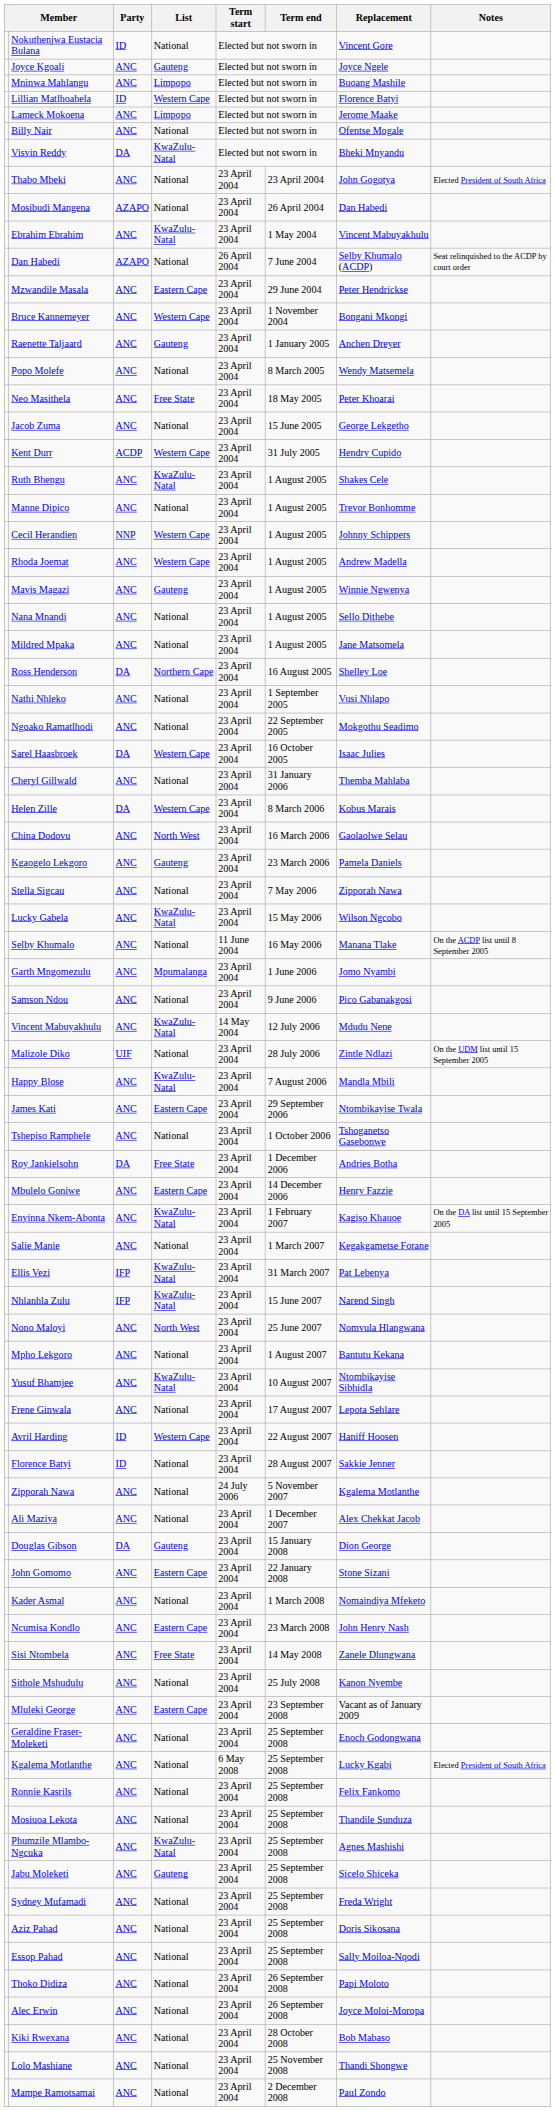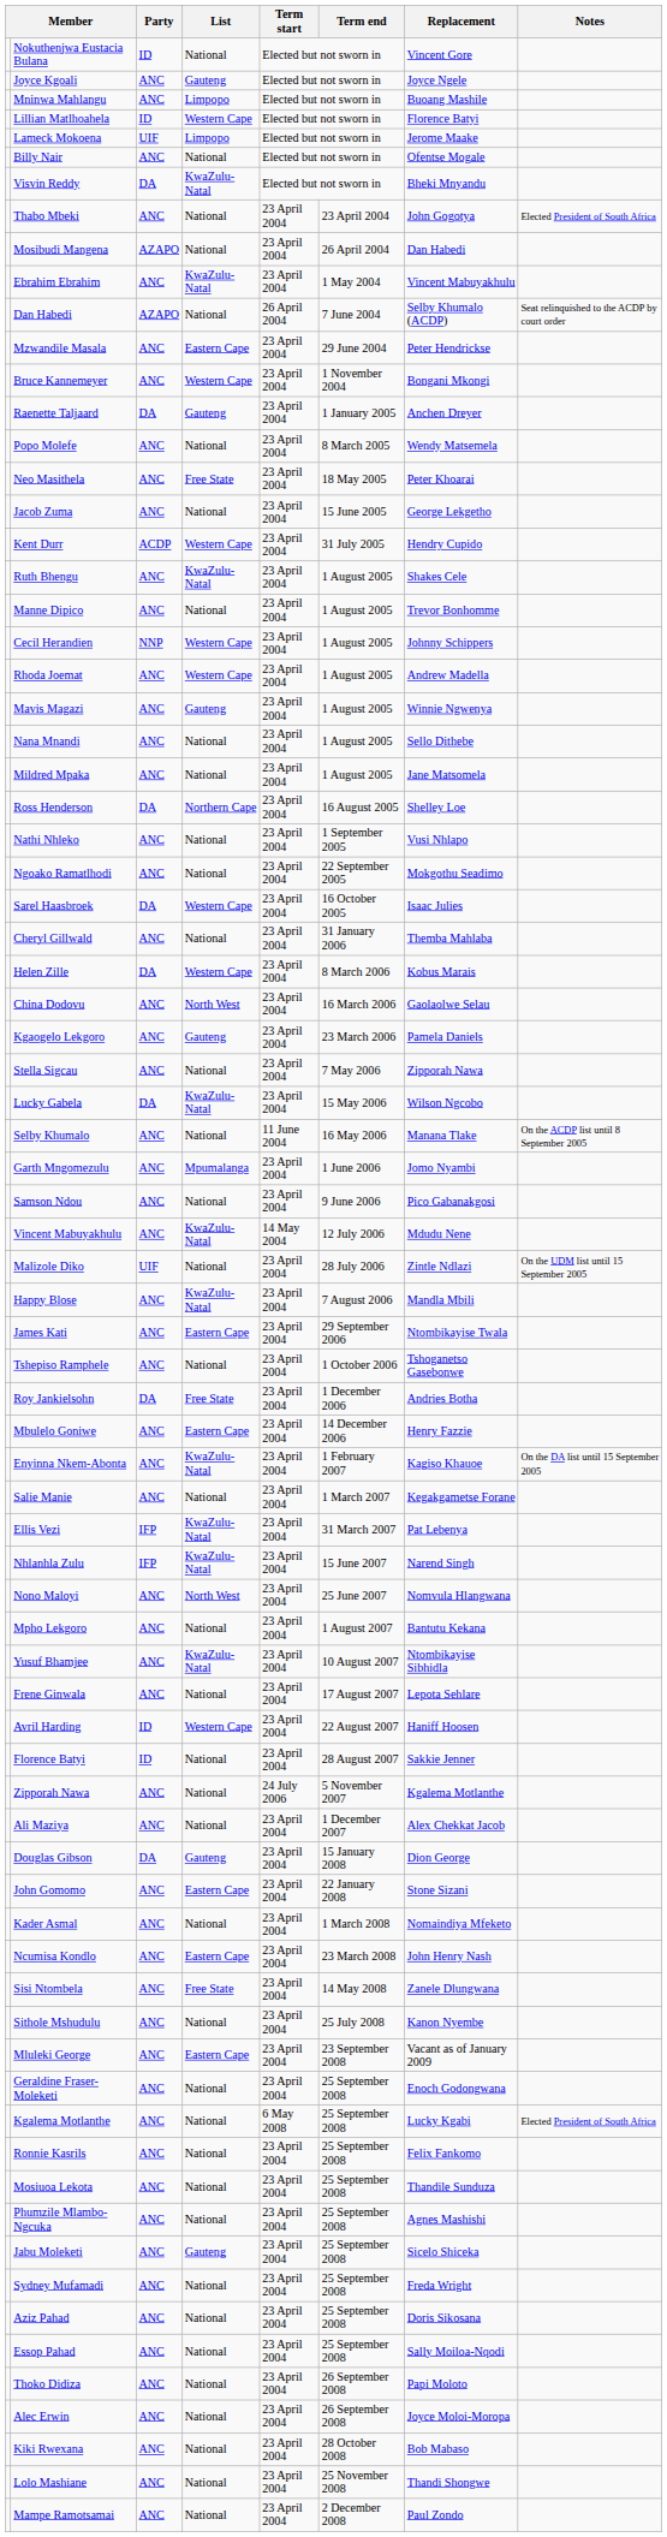 <table class="wikitable sortable">
 <tr>
 <th colspan="2">Member</th>
 <th>Party</th>
 <th>List</th>
 <th>Term start</th>
 <th>Term end</th>
 <th>Replacement</th>
 <th>Notes</th>
 </tr>
 <tr>
 <td style="background-color: "></td>
 <td><a href='#'>Nokuthenjwa Eustacia Bulana</a></td>
 <td><a href='#'>ID</a></td>
 <td>National</td>
 <td colspan="2">Elected but not sworn in</td>
 <td><a href='#'>Vincent Gore</a></td>
 <td></td>
 </tr>
 <tr>
 <td style="background-color: "></td>
 <td><a href='#'>Joyce Kgoali</a></td>
 <td><a href='#'>ANC</a></td>
 <td><a href='#'>Gauteng</a></td>
 <td colspan="2">Elected but not sworn in</td>
 <td><a href='#'>Joyce Ngele</a></td>
 <td></td>
 </tr>
 <tr>
 <td style="background-color: "></td>
 <td><a href='#'>Mninwa Mahlangu</a></td>
 <td><a href='#'>ANC</a></td>
 <td><a href='#'>Limpopo</a></td>
 <td colspan="2">Elected but not sworn in</td>
 <td><a href='#'>Buoang Mashile</a></td>
 <td></td>
 </tr>
 <tr>
 <td style="background-color: "></td>
 <td><a href='#'>Lillian Matlhoahela</a></td>
 <td><a href='#'>ID</a></td>
 <td><a href='#'>Western Cape</a></td>
 <td colspan="2">Elected but not sworn in</td>
 <td><a href='#'>Florence Batyi</a></td>
 <td></td>
 </tr>
 <tr>
 <td style="background-color: "></td>
 <td><a href='#'>Lameck Mokoena</a></td>
-<td><a href='#'>ANC</a></td>
+<td><a href='#'>UIF</a></td>
 <td><a href='#'>Limpopo</a></td>
 <td colspan="2">Elected but not sworn in</td>
 <td><a href='#'>Jerome Maake</a></td>
 <td></td>
 </tr>
 <tr>
 <td style="background-color: "></td>
 <td><a href='#'>Billy Nair</a></td>
 <td><a href='#'>ANC</a></td>
 <td>National</td>
 <td colspan="2">Elected but not sworn in</td>
 <td><a href='#'>Ofentse Mogale</a></td>
 <td></td>
 </tr>
 <tr>
 <td style="background-color: "></td>
 <td><a href='#'>Visvin Reddy</a></td>
 <td><a href='#'>DA</a></td>
 <td><a href='#'>KwaZulu-Natal</a></td>
 <td colspan="2">Elected but not sworn in</td>
 <td><a href='#'>Bheki Mnyandu</a></td>
 <td></td>
 </tr>
 <tr>
 <td style="background-color: "></td>
 <td><a href='#'>Thabo Mbeki</a></td>
 <td><a href='#'>ANC</a></td>
 <td>National</td>
 <td>23 April 2004</td>
 <td>23 April 2004</td>
 <td><a href='#'>John Gogotya</a></td>
 <td><small>Elected <a href='#'>President of South Africa</a></small></td>
 </tr>
 <tr>
 <td style="background-color: "></td>
 <td><a href='#'>Mosibudi Mangena</a></td>
 <td><a href='#'>AZAPO</a></td>
 <td>National</td>
 <td>23 April 2004</td>
 <td>26 April 2004</td>
 <td><a href='#'>Dan Habedi</a></td>
 <td></td>
 </tr>
 <tr>
 <td style="background-color: "></td>
 <td><a href='#'>Ebrahim Ebrahim</a></td>
 <td><a href='#'>ANC</a></td>
 <td><a href='#'>KwaZulu-Natal</a></td>
 <td>23 April 2004</td>
 <td>1 May 2004</td>
 <td><a href='#'>Vincent Mabuyakhulu</a></td>
 <td></td>
 </tr>
 <tr>
 <td style="background-color: "></td>
 <td><a href='#'>Dan Habedi</a></td>
 <td><a href='#'>AZAPO</a></td>
 <td>National</td>
 <td>26 April 2004</td>
 <td>7 June 2004</td>
 <td><a href='#'>Selby Khumalo</a> (<a href='#'>ACDP</a>)</td>
 <td><small>Seat relinquished to the ACDP by court order</small></td>
 </tr>
 <tr>
 <td style="background-color: "></td>
 <td><a href='#'>Mzwandile Masala</a></td>
 <td><a href='#'>ANC</a></td>
 <td><a href='#'>Eastern Cape</a></td>
 <td>23 April 2004</td>
 <td>29 June 2004</td>
 <td><a href='#'>Peter Hendrickse</a></td>
 <td></td>
 </tr>
 <tr>
 <td style="background-color: "></td>
 <td><a href='#'>Bruce Kannemeyer</a></td>
 <td><a href='#'>ANC</a></td>
 <td><a href='#'>Western Cape</a></td>
 <td>23 April 2004</td>
 <td>1 November 2004</td>
 <td><a href='#'>Bongani Mkongi</a></td>
 <td></td>
 </tr>
 <tr>
 <td style="background-color: "></td>
 <td><a href='#'>Raenette Taljaard</a></td>
-<td><a href='#'>ANC</a></td>
+<td><a href='#'>DA</a></td>
 <td><a href='#'>Gauteng</a></td>
 <td>23 April 2004</td>
 <td>1 January 2005</td>
 <td><a href='#'>Anchen Dreyer</a></td>
 <td></td>
 </tr>
 <tr>
 <td style="background-color: "></td>
 <td><a href='#'>Popo Molefe</a></td>
 <td><a href='#'>ANC</a></td>
 <td>National</td>
 <td>23 April 2004</td>
 <td>8 March 2005</td>
 <td><a href='#'>Wendy Matsemela</a></td>
 <td></td>
 </tr>
 <tr>
 <td style="background-color: "></td>
 <td><a href='#'>Neo Masithela</a></td>
 <td><a href='#'>ANC</a></td>
 <td><a href='#'>Free State</a></td>
 <td>23 April 2004</td>
 <td>18 May 2005</td>
 <td><a href='#'>Peter Khoarai</a></td>
 <td></td>
 </tr>
 <tr>
 <td style="background-color: "></td>
 <td><a href='#'>Jacob Zuma</a></td>
 <td><a href='#'>ANC</a></td>
 <td>National</td>
 <td>23 April 2004</td>
 <td>15 June 2005</td>
 <td><a href='#'>George Lekgetho</a></td>
 <td></td>
 </tr>
 <tr>
 <td style="background-color: "></td>
 <td><a href='#'>Kent Durr</a></td>
 <td><a href='#'>ACDP</a></td>
 <td><a href='#'>Western Cape</a></td>
 <td>23 April 2004</td>
 <td>31 July 2005</td>
 <td><a href='#'>Hendry Cupido</a></td>
 <td></td>
 </tr>
 <tr>
 <td style="background-color: "></td>
 <td><a href='#'>Ruth Bhengu</a></td>
 <td><a href='#'>ANC</a></td>
 <td><a href='#'>KwaZulu-Natal</a></td>
 <td>23 April 2004</td>
 <td>1 August 2005</td>
 <td><a href='#'>Shakes Cele</a></td>
 <td></td>
 </tr>
 <tr>
 <td style="background-color: "></td>
 <td><a href='#'>Manne Dipico</a></td>
 <td><a href='#'>ANC</a></td>
 <td>National</td>
 <td>23 April 2004</td>
 <td>1 August 2005</td>
 <td><a href='#'>Trevor Bonhomme</a></td>
 <td></td>
 </tr>
 <tr>
 <td style="background-color: "></td>
 <td><a href='#'>Cecil Herandien</a></td>
 <td><a href='#'>NNP</a></td>
 <td><a href='#'>Western Cape</a></td>
 <td>23 April 2004</td>
 <td>1 August 2005</td>
 <td><a href='#'>Johnny Schippers</a></td>
 <td></td>
 </tr>
 <tr>
 <td style="background-color: "></td>
 <td><a href='#'>Rhoda Joemat</a></td>
 <td><a href='#'>ANC</a></td>
 <td><a href='#'>Western Cape</a></td>
 <td>23 April 2004</td>
 <td>1 August 2005</td>
 <td><a href='#'>Andrew Madella</a></td>
 <td></td>
 </tr>
 <tr>
 <td style="background-color: "></td>
 <td><a href='#'>Mavis Magazi</a></td>
 <td><a href='#'>ANC</a></td>
 <td><a href='#'>Gauteng</a></td>
 <td>23 April 2004</td>
 <td>1 August 2005</td>
 <td><a href='#'>Winnie Ngwenya</a></td>
 <td></td>
 </tr>
 <tr>
 <td style="background-color: "></td>
 <td><a href='#'>Nana Mnandi</a></td>
 <td><a href='#'>ANC</a></td>
 <td>National</td>
 <td>23 April 2004</td>
 <td>1 August 2005</td>
 <td><a href='#'>Sello Dithebe</a></td>
 <td></td>
 </tr>
 <tr>
 <td style="background-color: "></td>
 <td><a href='#'>Mildred Mpaka</a></td>
 <td><a href='#'>ANC</a></td>
 <td>National</td>
 <td>23 April 2004</td>
 <td>1 August 2005</td>
 <td><a href='#'>Jane Matsomela</a></td>
 <td></td>
 </tr>
 <tr>
 <td style="background-color: "></td>
 <td><a href='#'>Ross Henderson</a></td>
 <td><a href='#'>DA</a></td>
 <td><a href='#'>Northern Cape</a></td>
 <td>23 April 2004</td>
 <td>16 August 2005</td>
 <td><a href='#'>Shelley Loe</a></td>
 <td></td>
 </tr>
 <tr>
 <td style="background-color: "></td>
 <td><a href='#'>Nathi Nhleko</a></td>
 <td><a href='#'>ANC</a></td>
 <td>National</td>
 <td>23 April 2004</td>
 <td>1 September 2005</td>
 <td><a href='#'>Vusi Nhlapo</a></td>
 <td></td>
 </tr>
 <tr>
 <td style="background-color: "></td>
 <td><a href='#'>Ngoako Ramatlhodi</a></td>
 <td><a href='#'>ANC</a></td>
 <td>National</td>
 <td>23 April 2004</td>
 <td>22 September 2005</td>
 <td><a href='#'>Mokgothu Seadimo</a></td>
 <td></td>
 </tr>
 <tr>
 <td style="background-color: "></td>
 <td><a href='#'>Sarel Haasbroek</a></td>
 <td><a href='#'>DA</a></td>
 <td><a href='#'>Western Cape</a></td>
 <td>23 April 2004</td>
 <td>16 October 2005</td>
 <td><a href='#'>Isaac Julies</a></td>
 <td></td>
 </tr>
 <tr>
 <td style="background-color: "></td>
 <td><a href='#'>Cheryl Gillwald</a></td>
 <td><a href='#'>ANC</a></td>
 <td>National</td>
 <td>23 April 2004</td>
 <td>31 January 2006</td>
 <td><a href='#'>Themba Mahlaba</a></td>
 <td></td>
 </tr>
 <tr>
 <td style="background-color: "></td>
 <td><a href='#'>Helen Zille</a></td>
 <td><a href='#'>DA</a></td>
 <td><a href='#'>Western Cape</a></td>
 <td>23 April 2004</td>
 <td>8 March 2006</td>
 <td><a href='#'>Kobus Marais</a></td>
 <td></td>
 </tr>
 <tr>
 <td style="background-color: "></td>
 <td><a href='#'>China Dodovu</a></td>
 <td><a href='#'>ANC</a></td>
 <td><a href='#'>North West</a></td>
 <td>23 April 2004</td>
 <td>16 March 2006</td>
 <td><a href='#'>Gaolaolwe Selau</a></td>
 <td></td>
 </tr>
 <tr>
 <td style="background-color: "></td>
 <td><a href='#'>Kgaogelo Lekgoro</a></td>
 <td><a href='#'>ANC</a></td>
 <td><a href='#'>Gauteng</a></td>
 <td>23 April 2004</td>
 <td>23 March 2006</td>
 <td><a href='#'>Pamela Daniels</a></td>
 <td></td>
 </tr>
 <tr>
 <td style="background-color: "></td>
 <td><a href='#'>Stella Sigcau</a></td>
 <td><a href='#'>ANC</a></td>
 <td>National</td>
 <td>23 April 2004</td>
 <td>7 May 2006</td>
 <td><a href='#'>Zipporah Nawa</a></td>
 <td></td>
 </tr>
 <tr>
 <td style="background-color: "></td>
 <td><a href='#'>Lucky Gabela</a></td>
-<td><a href='#'>ANC</a></td>
+<td><a href='#'>DA</a></td>
 <td><a href='#'>KwaZulu-Natal</a></td>
 <td>23 April 2004</td>
 <td>15 May 2006</td>
 <td><a href='#'>Wilson Ngcobo</a></td>
 <td></td>
 </tr>
 <tr>
 <td style="background-color: "></td>
 <td><a href='#'>Selby Khumalo</a></td>
 <td><a href='#'>ANC</a></td>
 <td>National</td>
 <td>11 June 2004</td>
 <td>16 May 2006</td>
 <td><a href='#'>Manana Tlake</a></td>
 <td><small>On the <a href='#'>ACDP</a> list until 8 September 2005</small></td>
 </tr>
 <tr>
 <td style="background-color: "></td>
 <td><a href='#'>Garth Mngomezulu</a></td>
 <td><a href='#'>ANC</a></td>
 <td><a href='#'>Mpumalanga</a></td>
 <td>23 April 2004</td>
 <td>1 June 2006</td>
 <td><a href='#'>Jomo Nyambi</a></td>
 <td></td>
 </tr>
 <tr>
 <td style="background-color: "></td>
 <td><a href='#'>Samson Ndou</a></td>
 <td><a href='#'>ANC</a></td>
 <td>National</td>
 <td>23 April 2004</td>
 <td>9 June 2006</td>
 <td><a href='#'>Pico Gabanakgosi</a></td>
 <td></td>
 </tr>
 <tr>
 <td style="background-color: "></td>
 <td><a href='#'>Vincent Mabuyakhulu</a></td>
 <td><a href='#'>ANC</a></td>
 <td><a href='#'>KwaZulu-Natal</a></td>
 <td>14 May 2004</td>
 <td>12 July 2006</td>
 <td><a href='#'>Mdudu Nene</a></td>
 <td></td>
 </tr>
 <tr>
 <td style="background-color: "></td>
 <td><a href='#'>Malizole Diko</a></td>
 <td><a href='#'>UIF</a></td>
 <td>National</td>
 <td>23 April 2004</td>
 <td>28 July 2006</td>
 <td><a href='#'>Zintle Ndlazi</a></td>
 <td><small>On the <a href='#'>UDM</a> list until 15 September 2005</small></td>
 </tr>
 <tr>
 <td style="background-color: "></td>
 <td><a href='#'>Happy Blose</a></td>
 <td><a href='#'>ANC</a></td>
 <td><a href='#'>KwaZulu-Natal</a></td>
 <td>23 April 2004</td>
 <td>7 August 2006</td>
 <td><a href='#'>Mandla Mbili</a></td>
 <td></td>
 </tr>
 <tr>
 <td style="background-color: "></td>
 <td><a href='#'>James Kati</a></td>
 <td><a href='#'>ANC</a></td>
 <td><a href='#'>Eastern Cape</a></td>
 <td>23 April 2004</td>
 <td>29 September 2006</td>
 <td><a href='#'>Ntombikayise Twala</a></td>
 <td></td>
 </tr>
 <tr>
 <td style="background-color: "></td>
 <td><a href='#'>Tshepiso Ramphele</a></td>
 <td><a href='#'>ANC</a></td>
 <td>National</td>
 <td>23 April 2004</td>
 <td>1 October 2006</td>
 <td><a href='#'>Tshoganetso Gasebonwe</a></td>
 <td></td>
 </tr>
 <tr>
 <td style="background-color: "></td>
 <td><a href='#'>Roy Jankielsohn</a></td>
 <td><a href='#'>DA</a></td>
 <td><a href='#'>Free State</a></td>
 <td>23 April 2004</td>
 <td>1 December 2006</td>
 <td><a href='#'>Andries Botha</a></td>
 <td></td>
 </tr>
 <tr>
 <td style="background-color: "></td>
 <td><a href='#'>Mbulelo Goniwe</a></td>
 <td><a href='#'>ANC</a></td>
 <td><a href='#'>Eastern Cape</a></td>
 <td>23 April 2004</td>
 <td>14 December 2006</td>
 <td><a href='#'>Henry Fazzie</a></td>
 <td></td>
 </tr>
 <tr>
 <td style="background-color: "></td>
 <td><a href='#'>Enyinna Nkem-Abonta</a></td>
 <td><a href='#'>ANC</a></td>
 <td><a href='#'>KwaZulu-Natal</a></td>
 <td>23 April 2004</td>
 <td>1 February 2007</td>
 <td><a href='#'>Kagiso Khauoe</a></td>
 <td><small>On the <a href='#'>DA</a> list until 15 September 2005</small></td>
 </tr>
 <tr>
 <td style="background-color: "></td>
 <td><a href='#'>Salie Manie</a></td>
 <td><a href='#'>ANC</a></td>
 <td>National</td>
 <td>23 April 2004</td>
 <td>1 March 2007</td>
 <td><a href='#'>Kegakgametse Forane</a></td>
 <td></td>
 </tr>
 <tr>
 <td style="background-color: "></td>
 <td><a href='#'>Ellis Vezi</a></td>
 <td><a href='#'>IFP</a></td>
 <td><a href='#'>KwaZulu-Natal</a></td>
 <td>23 April 2004</td>
 <td>31 March 2007</td>
 <td><a href='#'>Pat Lebenya</a></td>
 <td></td>
 </tr>
 <tr>
 <td style="background-color: "></td>
 <td><a href='#'>Nhlanhla Zulu</a></td>
 <td><a href='#'>IFP</a></td>
 <td><a href='#'>KwaZulu-Natal</a></td>
 <td>23 April 2004</td>
 <td>15 June 2007</td>
 <td><a href='#'>Narend Singh</a></td>
 <td></td>
 </tr>
 <tr>
 <td style="background-color: "></td>
 <td><a href='#'>Nono Maloyi</a></td>
 <td><a href='#'>ANC</a></td>
 <td><a href='#'>North West</a></td>
 <td>23 April 2004</td>
 <td>25 June 2007</td>
 <td><a href='#'>Nomvula Hlangwana</a></td>
 <td></td>
 </tr>
 <tr>
 <td style="background-color: "></td>
 <td><a href='#'>Mpho Lekgoro</a></td>
 <td><a href='#'>ANC</a></td>
 <td>National</td>
 <td>23 April 2004</td>
 <td>1 August 2007</td>
 <td><a href='#'>Bantutu Kekana</a></td>
 <td></td>
 </tr>
 <tr>
 <td style="background-color: "></td>
 <td><a href='#'>Yusuf Bhamjee</a></td>
 <td><a href='#'>ANC</a></td>
 <td><a href='#'>KwaZulu-Natal</a></td>
 <td>23 April 2004</td>
 <td>10 August 2007</td>
 <td><a href='#'>Ntombikayise Sibhidla</a></td>
 <td></td>
 </tr>
 <tr>
 <td style="background-color: "></td>
 <td><a href='#'>Frene Ginwala</a></td>
 <td><a href='#'>ANC</a></td>
 <td>National</td>
 <td>23 April 2004</td>
 <td>17 August 2007</td>
 <td><a href='#'>Lepota Sehlare</a></td>
 <td></td>
 </tr>
 <tr>
 <td style="background-color: "></td>
 <td><a href='#'>Avril Harding</a></td>
 <td><a href='#'>ID</a></td>
 <td><a href='#'>Western Cape</a></td>
 <td>23 April 2004</td>
 <td>22 August 2007</td>
 <td><a href='#'>Haniff Hoosen</a></td>
 <td></td>
 </tr>
 <tr>
 <td style="background-color: "></td>
 <td><a href='#'>Florence Batyi</a></td>
 <td><a href='#'>ID</a></td>
 <td>National</td>
 <td>23 April 2004</td>
 <td>28 August 2007</td>
 <td><a href='#'>Sakkie Jenner</a></td>
 <td></td>
 </tr>
 <tr>
 <td style="background-color: "></td>
 <td><a href='#'>Zipporah Nawa</a></td>
 <td><a href='#'>ANC</a></td>
 <td>National</td>
 <td>24 July 2006</td>
 <td>5 November 2007</td>
 <td><a href='#'>Kgalema Motlanthe</a></td>
 <td></td>
 </tr>
 <tr>
 <td style="background-color: "></td>
 <td><a href='#'>Ali Maziya</a></td>
 <td><a href='#'>ANC</a></td>
 <td>National</td>
 <td>23 April 2004</td>
 <td>1 December 2007</td>
 <td><a href='#'>Alex Chekkat Jacob</a></td>
 <td></td>
 </tr>
 <tr>
 <td style="background-color: "></td>
 <td><a href='#'>Douglas Gibson</a></td>
 <td><a href='#'>DA</a></td>
 <td><a href='#'>Gauteng</a></td>
 <td>23 April 2004</td>
 <td>15 January 2008</td>
 <td><a href='#'>Dion George</a></td>
 <td></td>
 </tr>
 <tr>
 <td style="background-color: "></td>
 <td><a href='#'>John Gomomo</a></td>
 <td><a href='#'>ANC</a></td>
 <td><a href='#'>Eastern Cape</a></td>
 <td>23 April 2004</td>
 <td>22 January 2008</td>
 <td><a href='#'>Stone Sizani</a></td>
 <td></td>
 </tr>
 <tr>
 <td style="background-color: "></td>
 <td><a href='#'>Kader Asmal</a></td>
 <td><a href='#'>ANC</a></td>
 <td>National</td>
 <td>23 April 2004</td>
 <td>1 March 2008</td>
 <td><a href='#'>Nomaindiya Mfeketo</a></td>
 <td></td>
 </tr>
 <tr>
 <td style="background-color: "></td>
 <td><a href='#'>Ncumisa Kondlo</a></td>
 <td><a href='#'>ANC</a></td>
 <td><a href='#'>Eastern Cape</a></td>
 <td>23 April 2004</td>
 <td>23 March 2008</td>
 <td><a href='#'>John Henry Nash</a></td>
 <td></td>
 </tr>
 <tr>
 <td style="background-color: "></td>
 <td><a href='#'>Sisi Ntombela</a></td>
 <td><a href='#'>ANC</a></td>
 <td><a href='#'>Free State</a></td>
 <td>23 April 2004</td>
 <td>14 May 2008</td>
 <td><a href='#'>Zanele Dlungwana</a></td>
 <td></td>
 </tr>
 <tr>
 <td style="background-color: "></td>
 <td><a href='#'>Sithole Mshudulu</a></td>
 <td><a href='#'>ANC</a></td>
 <td>National</td>
 <td>23 April 2004</td>
 <td>25 July 2008</td>
 <td><a href='#'>Kanon Nyembe</a></td>
 <td></td>
 </tr>
 <tr>
 <td style="background-color: "></td>
 <td><a href='#'>Mluleki George</a></td>
 <td><a href='#'>ANC</a></td>
 <td><a href='#'>Eastern Cape</a></td>
 <td>23 April 2004</td>
 <td>23 September 2008</td>
 <td>Vacant as of January 2009</td>
 <td></td>
 </tr>
 <tr>
 <td style="background-color: "></td>
 <td><a href='#'>Geraldine Fraser-Moleketi</a></td>
 <td><a href='#'>ANC</a></td>
 <td>National</td>
 <td>23 April 2004</td>
 <td>25 September 2008</td>
 <td><a href='#'>Enoch Godongwana</a></td>
 <td></td>
 </tr>
 <tr>
 <td style="background-color: "></td>
 <td><a href='#'>Kgalema Motlanthe</a></td>
 <td><a href='#'>ANC</a></td>
 <td>National</td>
 <td>6 May 2008</td>
 <td>25 September 2008</td>
 <td><a href='#'>Lucky Kgabi</a></td>
 <td><small>Elected <a href='#'>President of South Africa</a></small></td>
 </tr>
 <tr>
 <td style="background-color: "></td>
 <td><a href='#'>Ronnie Kasrils</a></td>
 <td><a href='#'>ANC</a></td>
 <td>National</td>
 <td>23 April 2004</td>
 <td>25 September 2008</td>
 <td><a href='#'>Felix Fankomo</a></td>
 <td></td>
 </tr>
 <tr>
 <td style="background-color: "></td>
 <td><a href='#'>Mosiuoa Lekota</a></td>
 <td><a href='#'>ANC</a></td>
 <td>National</td>
 <td>23 April 2004</td>
 <td>25 September 2008</td>
 <td><a href='#'>Thandile Sunduza</a></td>
 <td></td>
 </tr>
 <tr>
 <td style="background-color: "></td>
 <td><a href='#'>Phumzile Mlambo-Ngcuka</a></td>
 <td><a href='#'>ANC</a></td>
-<td><a href='#'>KwaZulu-Natal</a></td>
+<td>National</td>
 <td>23 April 2004</td>
 <td>25 September 2008</td>
 <td><a href='#'>Agnes Mashishi</a></td>
 <td></td>
 </tr>
 <tr>
 <td style="background-color: "></td>
 <td><a href='#'>Jabu Moleketi</a></td>
 <td><a href='#'>ANC</a></td>
 <td><a href='#'>Gauteng</a></td>
 <td>23 April 2004</td>
 <td>25 September 2008</td>
 <td><a href='#'>Sicelo Shiceka</a></td>
 <td></td>
 </tr>
 <tr>
 <td style="background-color: "></td>
 <td><a href='#'>Sydney Mufamadi</a></td>
 <td><a href='#'>ANC</a></td>
 <td>National</td>
 <td>23 April 2004</td>
 <td>25 September 2008</td>
 <td><a href='#'>Freda Wright</a></td>
 <td></td>
 </tr>
 <tr>
 <td style="background-color: "></td>
 <td><a href='#'>Aziz Pahad</a></td>
 <td><a href='#'>ANC</a></td>
 <td>National</td>
 <td>23 April 2004</td>
 <td>25 September 2008</td>
 <td><a href='#'>Doris Sikosana</a></td>
 <td></td>
 </tr>
 <tr>
 <td style="background-color: "></td>
 <td><a href='#'>Essop Pahad</a></td>
 <td><a href='#'>ANC</a></td>
 <td>National</td>
 <td>23 April 2004</td>
 <td>25 September 2008</td>
 <td><a href='#'>Sally Moiloa-Nqodi</a></td>
 <td></td>
 </tr>
 <tr>
 <td style="background-color: "></td>
 <td><a href='#'>Thoko Didiza</a></td>
 <td><a href='#'>ANC</a></td>
 <td>National</td>
 <td>23 April 2004</td>
 <td>26 September 2008</td>
 <td><a href='#'>Papi Moloto</a></td>
 <td></td>
 </tr>
 <tr>
 <td style="background-color: "></td>
 <td><a href='#'>Alec Erwin</a></td>
 <td><a href='#'>ANC</a></td>
 <td>National</td>
 <td>23 April 2004</td>
 <td>26 September 2008</td>
 <td><a href='#'>Joyce Moloi-Moropa</a></td>
 <td></td>
 </tr>
 <tr>
 <td style="background-color: "></td>
 <td><a href='#'>Kiki Rwexana</a></td>
 <td><a href='#'>ANC</a></td>
 <td>National</td>
 <td>23 April 2004</td>
 <td>28 October 2008</td>
 <td><a href='#'>Bob Mabaso</a></td>
 <td></td>
 </tr>
 <tr>
 <td style="background-color: "></td>
 <td><a href='#'>Lolo Mashiane</a></td>
 <td><a href='#'>ANC</a></td>
 <td>National</td>
 <td>23 April 2004</td>
 <td>25 November 2008</td>
 <td><a href='#'>Thandi Shongwe</a></td>
 <td></td>
 </tr>
 <tr>
 <td style="background-color: "></td>
 <td><a href='#'>Mampe Ramotsamai</a></td>
 <td><a href='#'>ANC</a></td>
 <td>National</td>
 <td>23 April 2004</td>
 <td>2 December 2008</td>
 <td><a href='#'>Paul Zondo</a></td>
 <td></td>
 </tr>
 </table>
